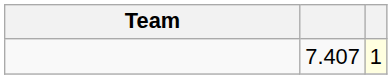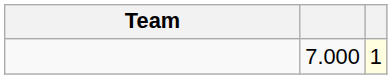 <table class="wikitable">
 <tr>
 <th width=210>Team</th>
 <th></th>
 <th></th>
 </tr>
 <tr>
 <td><strong></strong></td>
-<td align=right>7.407</td>
+<td align=right>7.000</td>
 <td align=center style="background: lightyellow;">1</td>
 </tr>
 </table>
